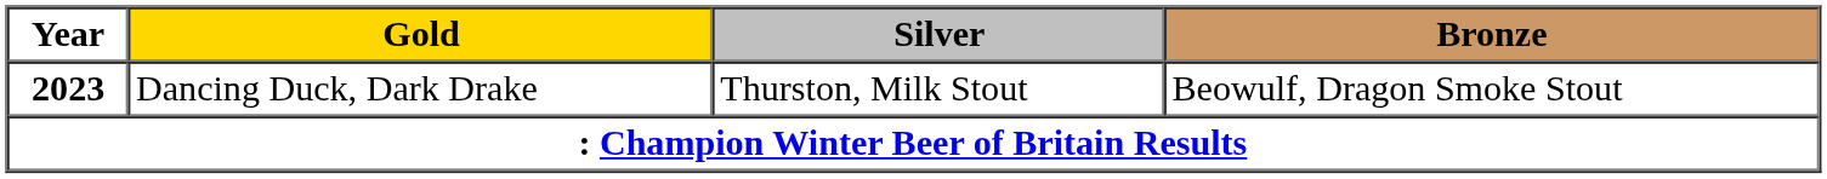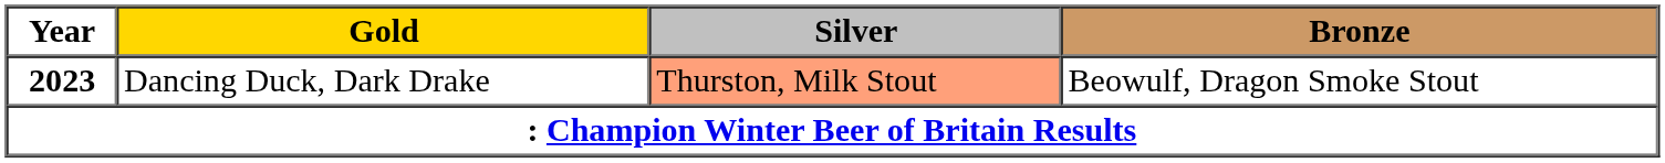 <table | width=90% border=1 cellpadding=2 cellspacing=0>
 <tr>
 <th>Year</th>
 <th style="background:gold;"><strong>Gold</strong></th>
 <th style="background:silver;"><strong>Silver</strong></th>
 <th style="background:#c96;"><strong>Bronze</strong></th>
 </tr>
 <tr>
 <th>2023</th>
 <td>Dancing Duck, Dark Drake </td>
-<td>Thurston, Milk Stout</td>
+<td style="background: lightsalmon;">Thurston, Milk Stout</td>
 <td>Beowulf, Dragon Smoke Stout</td>
 </tr>
 <tr>
 <th colspan="4">: <a href='#'>Champion Winter Beer of Britain Results</a></th>
 </tr>
 </table>
